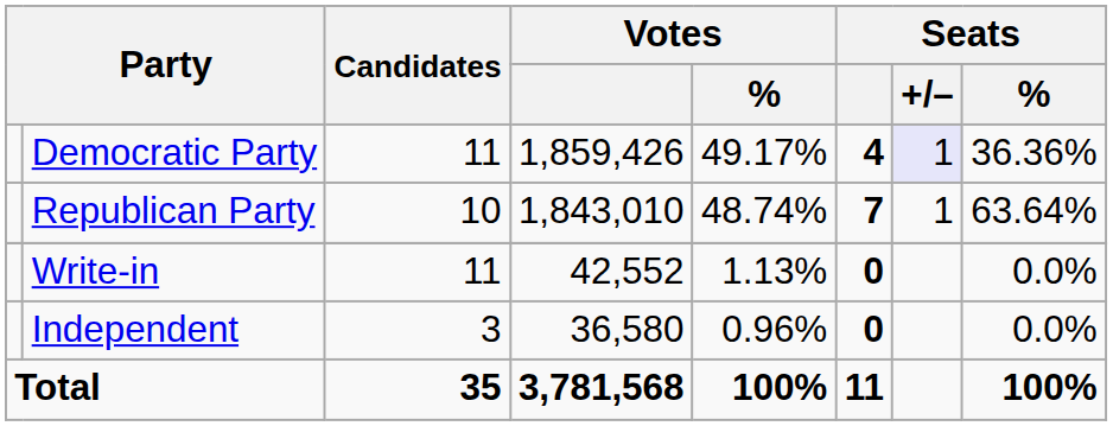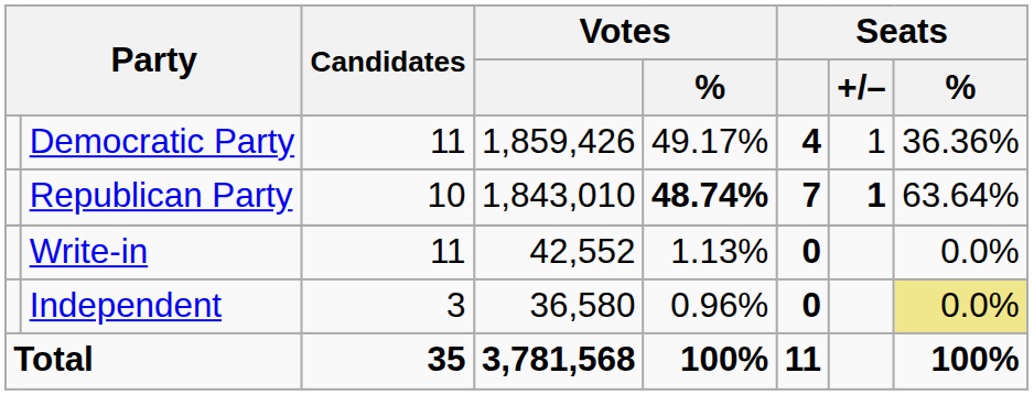 <table class="wikitable" style="font-size:100%; text-align:right;">
 <tr>
 <th colspan="2" rowspan="2">Party</th>
 <th rowspan="2"><small>Candi</small><small>dates</small></th>
 <th colspan="2">Votes</th>
 <th colspan="3">Seats</th>
 </tr>
 <tr>
 <th></th>
 <th>%</th>
 <th></th>
 <th>+/–</th>
 <th>%</th>
 </tr>
 <tr>
 <td style="background:"></td>
 <td align="left"><a href='#'>Democratic Party</a></td>
 <td>11</td>
 <td>1,859,426</td>
 <td>49.17%</td>
 <td><strong>4</strong></td>
-<td style="background: lavender;">1</td>
+<td>1</td>
 <td>36.36%</td>
 </tr>
 <tr>
 <td style="background:"></td>
 <td align="left"><a href='#'>Republican Party</a></td>
 <td>10</td>
 <td>1,843,010</td>
-<td>48.74%</td>
+<td><strong>48.74%</strong></td>
 <td><strong>7</strong></td>
-<td>1</td>
+<td><strong>1</strong></td>
 <td>63.64%</td>
 </tr>
 <tr>
 </tr>
 <tr>
 <td style="background:"></td>
 <td align="left"><a href='#'>Write-in</a></td>
 <td>11</td>
 <td>42,552</td>
 <td>1.13%</td>
 <td><strong>0</strong></td>
 <td></td>
 <td>0.0%</td>
 </tr>
 <tr>
 <td style="background:"></td>
 <td align="left"><a href='#'>Independent</a></td>
 <td>3</td>
 <td>36,580</td>
 <td>0.96%</td>
 <td><strong>0</strong></td>
 <td></td>
-<td>0.0%</td>
+<td style="background: khaki;">0.0%</td>
 </tr>
 <tr style="font-weight:bold">
 <td colspan="2" align="left">Total</td>
 <td>35</td>
 <td>3,781,568</td>
 <td>100%</td>
 <td>11</td>
 <td></td>
 <td>100%</td>
 </tr>
 </table>
